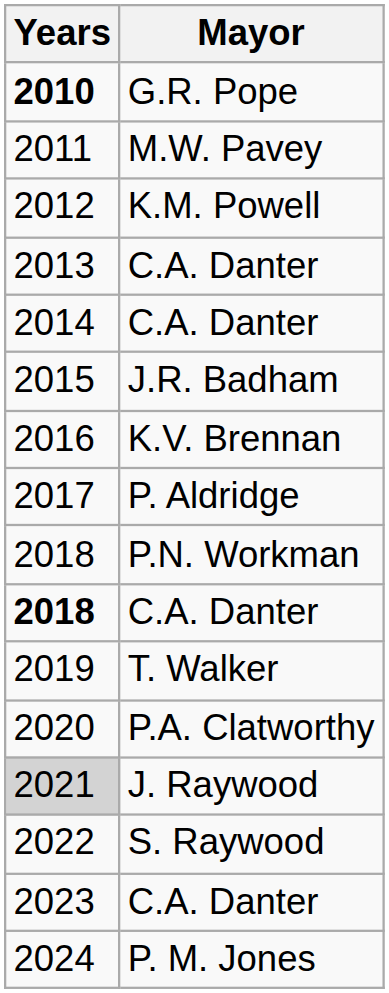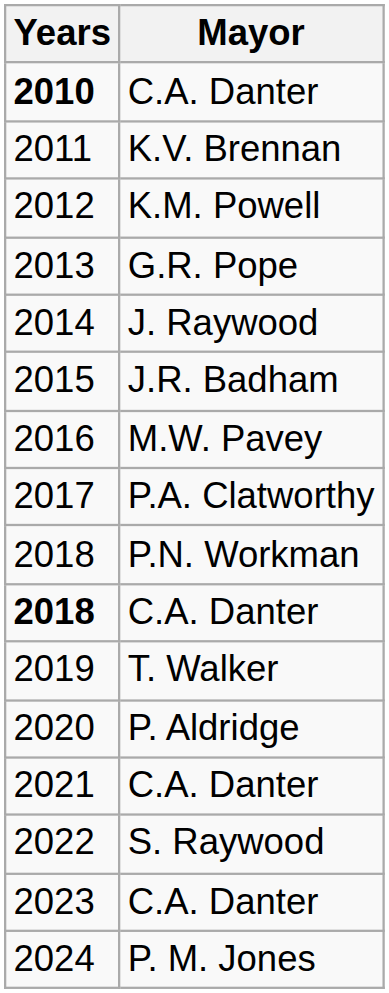 <table class="wikitable sortable">
 <tr>
 <th>Years</th>
 <th>Mayor</th>
 </tr>
 <tr>
 <td><strong>2010</strong></td>
-<td>G.R. Pope</td>
+<td>C.A. Danter</td>
 </tr>
 <tr>
 <td>2011</td>
-<td>M.W. Pavey</td>
+<td>K.V. Brennan</td>
 </tr>
 <tr>
 <td>2012</td>
 <td>K.M. Powell</td>
 </tr>
 <tr>
 <td>2013</td>
-<td>C.A. Danter</td>
+<td>G.R. Pope</td>
 </tr>
 <tr>
 <td>2014</td>
-<td>C.A. Danter</td>
+<td>J. Raywood</td>
 </tr>
 <tr>
 <td>2015</td>
 <td>J.R. Badham</td>
 </tr>
 <tr>
 <td>2016</td>
-<td>K.V. Brennan</td>
+<td>M.W. Pavey</td>
 </tr>
 <tr>
 <td>2017</td>
-<td>P. Aldridge</td>
+<td>P.A. Clatworthy</td>
 </tr>
 <tr>
 <td>2018</td>
 <td>P.N. Workman</td>
 </tr>
 <tr>
 <td><strong>2018</strong></td>
 <td>C.A. Danter</td>
 </tr>
 <tr>
 <td>2019</td>
 <td>T. Walker</td>
 </tr>
 <tr>
 <td>2020</td>
-<td>P.A. Clatworthy</td>
+<td>P. Aldridge</td>
 </tr>
 <tr>
-<td style="background: lightgrey;">2021</td>
-<td>J. Raywood</td>
+<td>2021</td>
+<td>C.A. Danter</td>
 </tr>
 <tr>
 <td>2022</td>
 <td>S. Raywood</td>
 </tr>
 <tr>
 <td>2023</td>
 <td>C.A. Danter</td>
 </tr>
 <tr>
 <td>2024</td>
 <td>P. M. Jones</td>
 </tr>
 </table>
